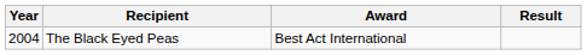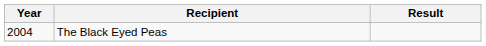 <table style="width: 75%;" class="wikitable">
 <tr>
 <th style="width:6%;">Year</th>
 <th style="width:40%;">Recipient</th>
-<th style="width:40%;">Award</th>
 <th style="width:14%;">Result</th>
 </tr>
 <tr>
 <td>2004</td>
 <td>The Black Eyed Peas</td>
-<td>Best Act International</td>
 <td></td>
 </tr>
 </table>
